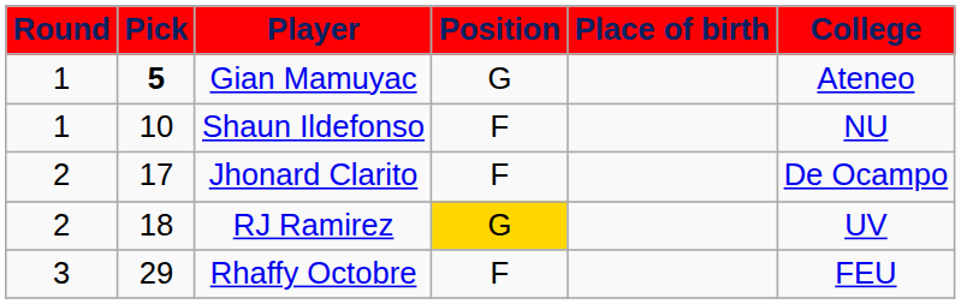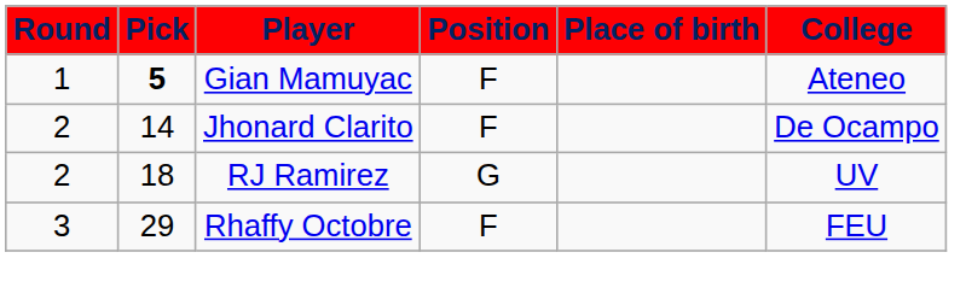 <table class="wikitable sortable sortable" style="text-align:center">
 <tr>
 <th style="background:#FE0003; color:#002366; ">Round</th>
 <th style="background:#FE0003; color:#002366; ">Pick</th>
 <th style="background:#FE0003; color:#002366; ">Player</th>
 <th style="background:#FE0003; color:#002366; ">Position</th>
 <th style="background:#FE0003; color:#002366; ">Place of birth</th>
 <th style="background:#FE0003; color:#002366; ">College</th>
 </tr>
 <tr>
 <td>1</td>
 <td><strong>5</strong></td>
 <td><a href='#'>Gian Mamuyac</a></td>
-<td>G</td>
+<td>F</td>
 <td></td>
 <td><a href='#'>Ateneo</a></td>
 </tr>
 <tr>
-<td>1</td>
-<td>10</td>
-<td><a href='#'>Shaun Ildefonso</a></td>
-<td>F</td>
-<td></td>
-<td><a href='#'>NU</a></td>
-</tr>
-<tr>
 <td>2</td>
-<td>17</td>
+<td>14</td>
 <td><a href='#'>Jhonard Clarito</a></td>
 <td>F</td>
 <td></td>
 <td><a href='#'>De Ocampo</a></td>
 </tr>
 <tr>
 <td>2</td>
 <td>18</td>
 <td><a href='#'>RJ Ramirez</a></td>
-<td style="background: gold;">G</td>
+<td>G</td>
 <td></td>
 <td><a href='#'>UV</a></td>
 </tr>
 <tr>
 <td>3</td>
 <td>29</td>
 <td><a href='#'>Rhaffy Octobre</a></td>
 <td>F</td>
 <td></td>
 <td><a href='#'>FEU</a></td>
 </tr>
 </table>
